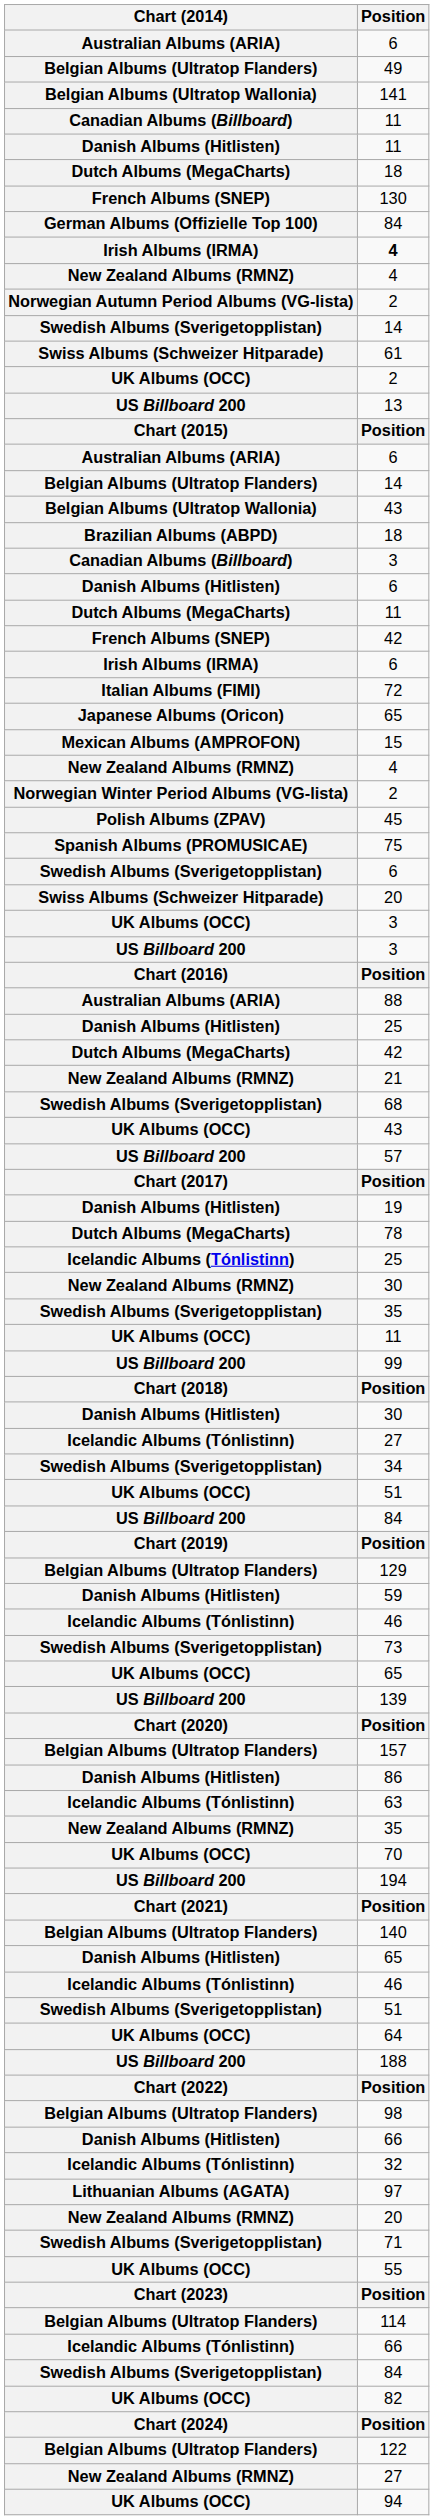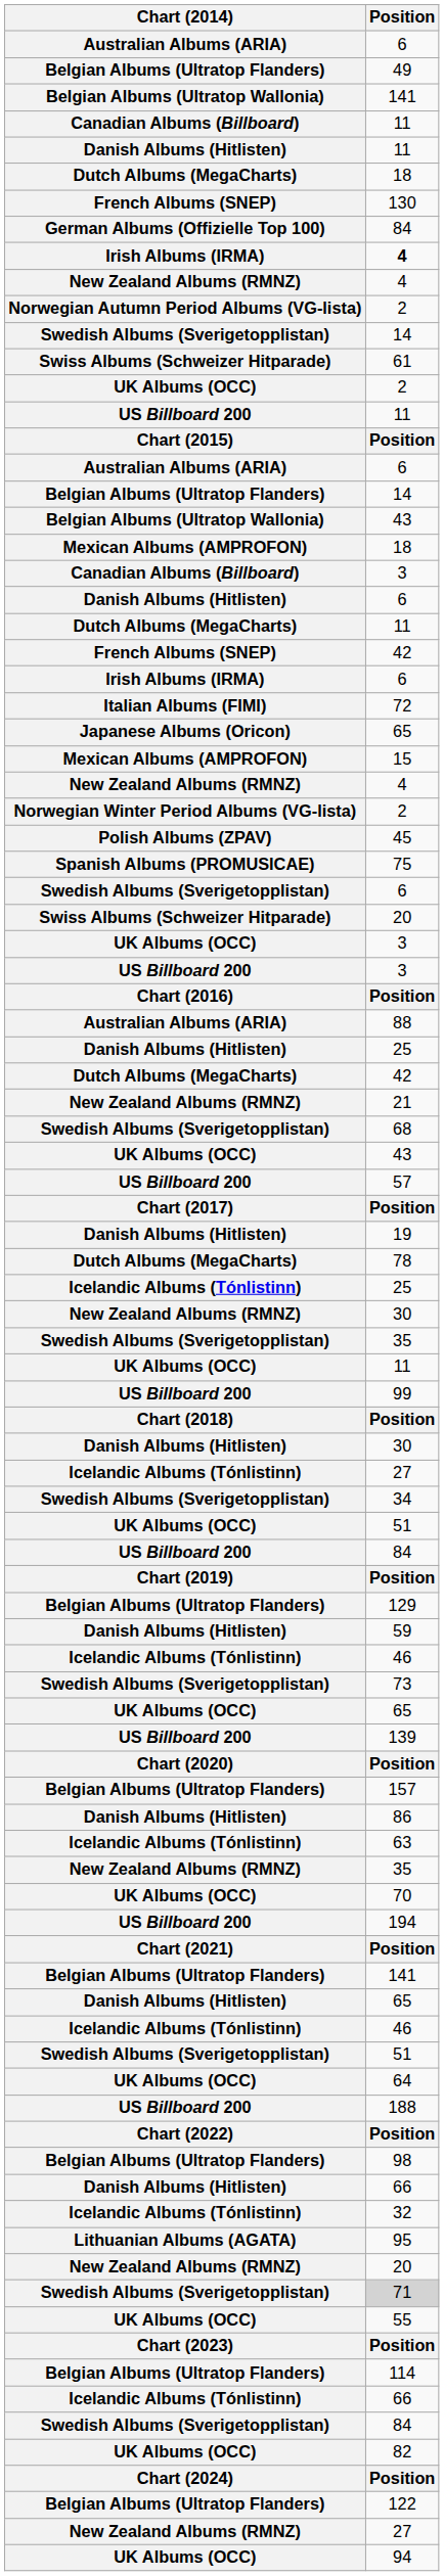 <table class="wikitable sortable plainrowheaders" style="text-align:center">
 <tr>
 <th scope="col">Chart (2014)</th>
 <th scope="col">Position</th>
 </tr>
 <tr>
 <th scope="row">Australian Albums (ARIA)</th>
 <td>6</td>
 </tr>
 <tr>
 <th scope="row">Belgian Albums (Ultratop Flanders)</th>
 <td>49</td>
 </tr>
 <tr>
 <th scope="row">Belgian Albums (Ultratop Wallonia)</th>
 <td>141</td>
 </tr>
 <tr>
 <th scope="row">Canadian Albums (<em>Billboard</em>)</th>
 <td>11</td>
 </tr>
 <tr>
 <th scope="row">Danish Albums (Hitlisten)</th>
 <td>11</td>
 </tr>
 <tr>
 <th scope="row">Dutch Albums (MegaCharts)</th>
 <td>18</td>
 </tr>
 <tr>
 <th scope="row">French Albums (SNEP)</th>
 <td>130</td>
 </tr>
 <tr>
 <th scope="row">German Albums (Offizielle Top 100)</th>
 <td>84</td>
 </tr>
 <tr>
 <th scope="row">Irish Albums (IRMA)</th>
 <td><strong>4</strong></td>
 </tr>
 <tr>
 <th scope="row">New Zealand Albums (RMNZ)</th>
 <td>4</td>
 </tr>
 <tr>
 <th scope="row">Norwegian Autumn Period Albums (VG-lista)</th>
 <td>2</td>
 </tr>
 <tr>
 <th scope="row">Swedish Albums (Sverigetopplistan)</th>
 <td>14</td>
 </tr>
 <tr>
 <th scope="row">Swiss Albums (Schweizer Hitparade)</th>
 <td>61</td>
 </tr>
 <tr>
 <th scope="row">UK Albums (OCC)</th>
 <td>2</td>
 </tr>
 <tr>
 <th scope="row">US <em>Billboard</em> 200</th>
-<td>13</td>
+<td>11</td>
 </tr>
 <tr>
 <th scope="col">Chart (2015)</th>
 <th scope="col">Position</th>
 </tr>
 <tr>
 <th scope="row">Australian Albums (ARIA)</th>
 <td>6</td>
 </tr>
 <tr>
 <th scope="row">Belgian Albums (Ultratop Flanders)</th>
 <td>14</td>
 </tr>
 <tr>
 <th scope="row">Belgian Albums (Ultratop Wallonia)</th>
 <td>43</td>
 </tr>
 <tr>
-<th scope="row">Brazilian Albums (ABPD)</th>
+<th scope="row">Mexican Albums (AMPROFON)</th>
 <td>18</td>
 </tr>
 <tr>
 <th scope="row">Canadian Albums (<em>Billboard</em>)</th>
 <td>3</td>
 </tr>
 <tr>
 <th scope="row">Danish Albums (Hitlisten)</th>
 <td>6</td>
 </tr>
 <tr>
 <th scope="row">Dutch Albums (MegaCharts)</th>
 <td>11</td>
 </tr>
 <tr>
 <th scope="row">French Albums (SNEP)</th>
 <td>42</td>
 </tr>
 <tr>
 <th scope="row">Irish Albums (IRMA)</th>
 <td>6</td>
 </tr>
 <tr>
 <th scope="row">Italian Albums (FIMI)</th>
 <td>72</td>
 </tr>
 <tr>
 <th scope="row">Japanese Albums (Oricon)</th>
 <td>65</td>
 </tr>
 <tr>
 <th scope="row">Mexican Albums (AMPROFON)</th>
 <td>15</td>
 </tr>
 <tr>
 <th scope="row">New Zealand Albums (RMNZ)</th>
 <td>4</td>
 </tr>
 <tr>
 <th scope="row">Norwegian Winter Period Albums (VG-lista)</th>
 <td>2</td>
 </tr>
 <tr>
 <th scope="row">Polish Albums (ZPAV)</th>
 <td>45</td>
 </tr>
 <tr>
 <th scope="row">Spanish Albums (PROMUSICAE)</th>
 <td>75</td>
 </tr>
 <tr>
 <th scope="row">Swedish Albums (Sverigetopplistan)</th>
 <td>6</td>
 </tr>
 <tr>
 <th scope="row">Swiss Albums (Schweizer Hitparade)</th>
 <td>20</td>
 </tr>
 <tr>
 <th scope="row">UK Albums (OCC)</th>
 <td>3</td>
 </tr>
 <tr>
 <th scope="row">US <em>Billboard</em> 200</th>
 <td>3</td>
 </tr>
 <tr>
 <th scope="col">Chart (2016)</th>
 <th scope="col">Position</th>
 </tr>
 <tr>
 <th scope="row">Australian Albums (ARIA)</th>
 <td>88</td>
 </tr>
 <tr>
 <th scope="row">Danish Albums (Hitlisten)</th>
 <td>25</td>
 </tr>
 <tr>
 <th scope="row">Dutch Albums (MegaCharts)</th>
 <td>42</td>
 </tr>
 <tr>
 <th scope="row">New Zealand Albums (RMNZ)</th>
 <td>21</td>
 </tr>
 <tr>
 <th scope="row">Swedish Albums (Sverigetopplistan)</th>
 <td>68</td>
 </tr>
 <tr>
 <th scope="row">UK Albums (OCC)</th>
 <td>43</td>
 </tr>
 <tr>
 <th scope="row">US <em>Billboard</em> 200</th>
 <td>57</td>
 </tr>
 <tr>
 <th scope="col">Chart (2017)</th>
 <th scope="col">Position</th>
 </tr>
 <tr>
 <th scope="row">Danish Albums (Hitlisten)</th>
 <td>19</td>
 </tr>
 <tr>
 <th scope="row">Dutch Albums (MegaCharts)</th>
 <td>78</td>
 </tr>
 <tr>
 <th scope="row">Icelandic Albums (<a href='#'>Tónlistinn</a>)</th>
 <td>25</td>
 </tr>
 <tr>
 <th scope="row">New Zealand Albums (RMNZ)</th>
 <td>30</td>
 </tr>
 <tr>
 <th scope="row">Swedish Albums (Sverigetopplistan)</th>
 <td>35</td>
 </tr>
 <tr>
 <th scope="row">UK Albums (OCC)</th>
 <td>11</td>
 </tr>
 <tr>
 <th scope="row">US <em>Billboard</em> 200</th>
 <td>99</td>
 </tr>
 <tr>
 <th scope="col">Chart (2018)</th>
 <th scope="col">Position</th>
 </tr>
 <tr>
 <th scope="row">Danish Albums (Hitlisten)</th>
 <td>30</td>
 </tr>
 <tr>
 <th scope="row">Icelandic Albums (Tónlistinn)</th>
 <td>27</td>
 </tr>
 <tr>
 <th scope="row">Swedish Albums (Sverigetopplistan)</th>
 <td>34</td>
 </tr>
 <tr>
 <th scope="row">UK Albums (OCC)</th>
 <td>51</td>
 </tr>
 <tr>
 <th scope="row">US <em>Billboard</em> 200</th>
 <td>84</td>
 </tr>
 <tr>
 <th scope="col">Chart (2019)</th>
 <th scope="col">Position</th>
 </tr>
 <tr>
 <th scope="row">Belgian Albums (Ultratop Flanders)</th>
 <td>129</td>
 </tr>
 <tr>
 <th scope="row">Danish Albums (Hitlisten)</th>
 <td>59</td>
 </tr>
 <tr>
 <th scope="row">Icelandic Albums (Tónlistinn)</th>
 <td>46</td>
 </tr>
 <tr>
 <th scope="row">Swedish Albums (Sverigetopplistan)</th>
 <td>73</td>
 </tr>
 <tr>
 <th scope="row">UK Albums (OCC)</th>
 <td>65</td>
 </tr>
 <tr>
 <th scope="row">US <em>Billboard</em> 200</th>
 <td>139</td>
 </tr>
 <tr>
 <th scope="col">Chart (2020)</th>
 <th scope="col">Position</th>
 </tr>
 <tr>
 <th scope="row">Belgian Albums (Ultratop Flanders)</th>
 <td>157</td>
 </tr>
 <tr>
 <th scope="row">Danish Albums (Hitlisten)</th>
 <td>86</td>
 </tr>
 <tr>
 <th scope="row">Icelandic Albums (Tónlistinn)</th>
 <td>63</td>
 </tr>
 <tr>
 <th scope="row">New Zealand Albums (RMNZ)</th>
 <td>35</td>
 </tr>
 <tr>
 <th scope="row">UK Albums (OCC)</th>
 <td>70</td>
 </tr>
 <tr>
 <th scope="row">US <em>Billboard</em> 200</th>
 <td>194</td>
 </tr>
 <tr>
 <th scope="col">Chart (2021)</th>
 <th scope="col">Position</th>
 </tr>
 <tr>
 <th scope="row">Belgian Albums (Ultratop Flanders)</th>
-<td>140</td>
+<td>141</td>
 </tr>
 <tr>
 <th scope="row">Danish Albums (Hitlisten)</th>
 <td>65</td>
 </tr>
 <tr>
 <th scope="row">Icelandic Albums (Tónlistinn)</th>
 <td>46</td>
 </tr>
 <tr>
 <th scope="row">Swedish Albums (Sverigetopplistan)</th>
 <td>51</td>
 </tr>
 <tr>
 <th scope="row">UK Albums (OCC)</th>
 <td>64</td>
 </tr>
 <tr>
 <th scope="row">US <em>Billboard</em> 200</th>
 <td>188</td>
 </tr>
 <tr>
 <th scope="col">Chart (2022)</th>
 <th scope="col">Position</th>
 </tr>
 <tr>
 <th scope="row">Belgian Albums (Ultratop Flanders)</th>
 <td>98</td>
 </tr>
 <tr>
 <th scope="row">Danish Albums (Hitlisten)</th>
 <td>66</td>
 </tr>
 <tr>
 <th scope="row">Icelandic Albums (Tónlistinn)</th>
 <td>32</td>
 </tr>
 <tr>
 <th scope="row">Lithuanian Albums (AGATA)</th>
-<td>97</td>
+<td>95</td>
 </tr>
 <tr>
 <th scope="row">New Zealand Albums (RMNZ)</th>
 <td>20</td>
 </tr>
 <tr>
 <th scope="row">Swedish Albums (Sverigetopplistan)</th>
-<td>71</td>
+<td style="background: lightgrey;">71</td>
 </tr>
 <tr>
 <th scope="row">UK Albums (OCC)</th>
 <td>55</td>
 </tr>
 <tr>
 <th scope="col">Chart (2023)</th>
 <th scope="col">Position</th>
 </tr>
 <tr>
 <th scope="row">Belgian Albums (Ultratop Flanders)</th>
 <td>114</td>
 </tr>
 <tr>
 <th scope="row">Icelandic Albums (Tónlistinn)</th>
 <td>66</td>
 </tr>
 <tr>
 <th scope="row">Swedish Albums (Sverigetopplistan)</th>
 <td>84</td>
 </tr>
 <tr>
 <th scope="row">UK Albums (OCC)</th>
 <td>82</td>
 </tr>
 <tr>
 <th scope="col">Chart (2024)</th>
 <th scope="col">Position</th>
 </tr>
 <tr>
 <th scope="row">Belgian Albums (Ultratop Flanders)</th>
 <td>122</td>
 </tr>
 <tr>
 <th scope="row">New Zealand Albums (RMNZ)</th>
 <td>27</td>
 </tr>
 <tr>
 <th scope="row">UK Albums (OCC)</th>
 <td>94</td>
 </tr>
 </table>
